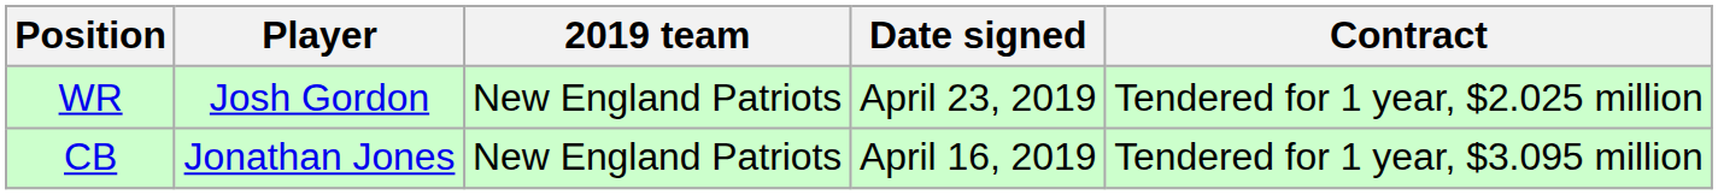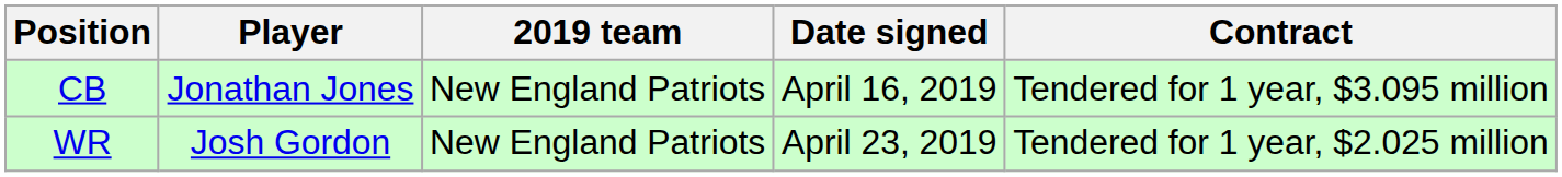 <table class="wikitable" style="text-align:center">
 <tr>
 <th>Position</th>
 <th>Player</th>
 <th>2019 team</th>
 <th>Date signed</th>
 <th>Contract</th>
 </tr>
 <tr style="background:#cfc">
+<td><a href='#'>CB</a></td>
+<td><a href='#'>Jonathan Jones</a></td>
+<td>New England Patriots</td>
+<td>April 16, 2019</td>
+<td>Tendered for 1 year, $3.095 million</td>
+</tr>
+<tr style="background:#cfc">
 <td><a href='#'>WR</a></td>
 <td><a href='#'>Josh Gordon</a></td>
 <td>New England Patriots</td>
 <td>April 23, 2019</td>
 <td>Tendered for 1 year, $2.025 million</td>
 </tr>
-<tr style="background:#cfc">
-<td><a href='#'>CB</a></td>
-<td><a href='#'>Jonathan Jones</a></td>
-<td>New England Patriots</td>
-<td>April 16, 2019</td>
-<td>Tendered for 1 year, $3.095 million</td>
-</tr>
 </table>
